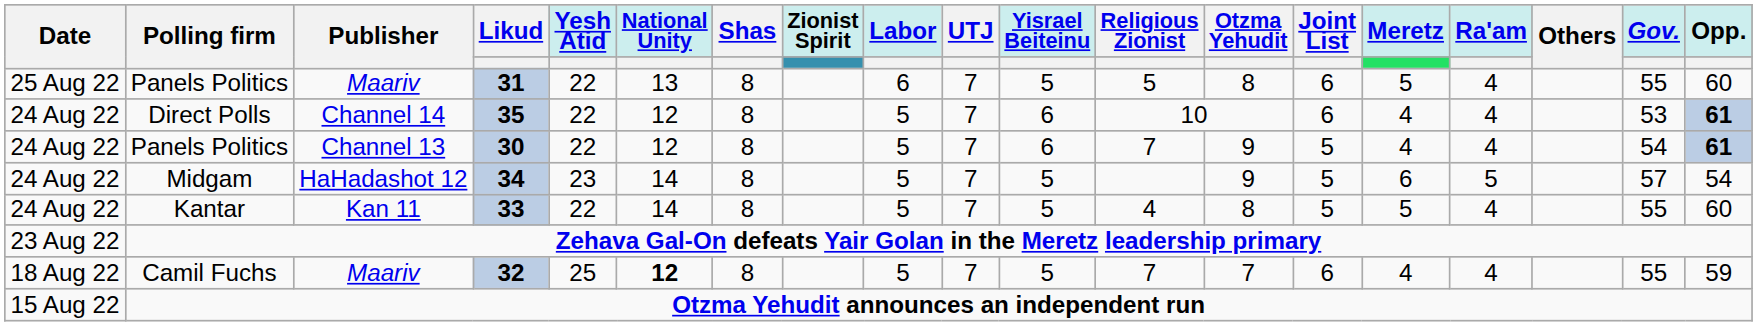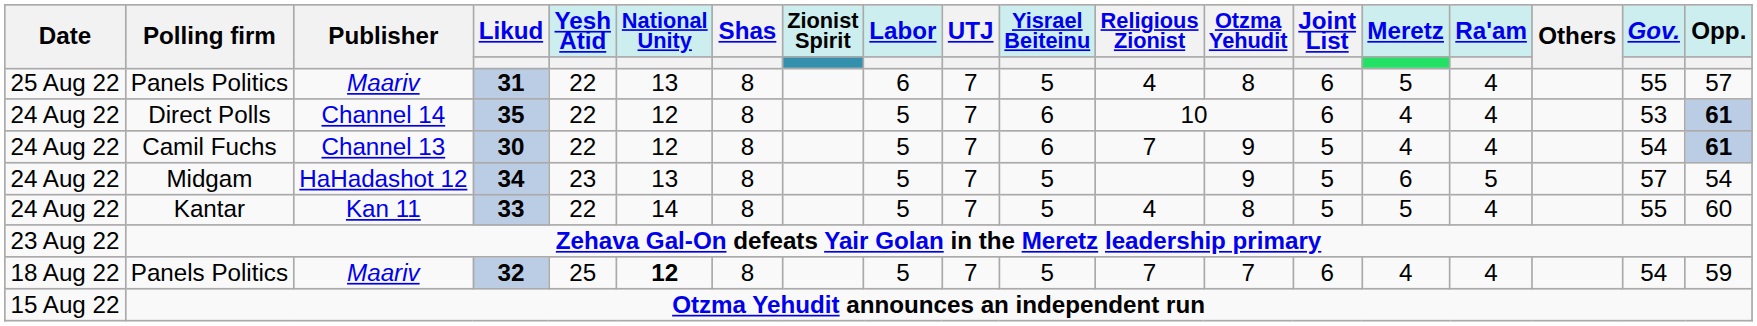 <table class="wikitable sortable" style="text-align:center;font-size:90%;line-height:12px">
 <tr>
 <th rowspan="2">Date</th>
 <th rowspan="2">Polling firm</th>
 <th rowspan="2">Publisher</th>
 <th><a href='#'>Likud</a></th>
 <th style="background:#cee"><a href='#'>Yesh<br>Atid</a></th>
 <th style="background:#cee;font-size:90% "><a href='#'>National<br>Unity</a></th>
 <th><a href='#'>Shas</a></th>
 <th style="background:#cee;font-size:90% ">Zionist<br>Spirit</th>
 <th style="background:#cee"><a href='#'>Labor</a></th>
 <th><a href='#'>UTJ</a></th>
 <th style="background:#cee; font-size:90%"><a href='#'>Yisrael<br>Beiteinu</a></th>
 <th style="font-size:90%"><a href='#'>Religious<br>Zionist</a></th>
 <th style="font-size:90%"><a href='#'>Otzma<br>Yehudit</a></th>
 <th><a href='#'>Joint<br>List</a></th>
 <th style="background:#cee"><a href='#'>Meretz</a></th>
 <th style="background:#cee"><a href='#'>Ra'am</a></th>
 <th rowspan="2">Others</th>
 <th style="background:#cee"><a href='#'><em>Gov.</em></a></th>
 <th style=background:#cee>Opp.</th>
 </tr>
 <tr>
 <th style="background:"></th>
 <th style="background:"></th>
 <th style="background:"></th>
 <th style="background:"></th>
 <th style="background:#3590AE"></th>
 <th style="background:"></th>
 <th style="background:"></th>
 <th style="background:"></th>
 <th style="background:"></th>
 <th style="background:"></th>
 <th style="background:"></th>
 <th style="background:#23e164"></th>
 <th style="background:"></th>
 <th style="background:"></th>
 <th style=background:></th>
 </tr>
 <tr>
 <td>25 Aug 22</td>
 <td>Panels Politics</td>
 <td><em><a href='#'>Maariv</a></em></td>
 <td style="background:#BBCDE4"><strong>31</strong></td>
 <td>22</td>
 <td>13</td>
 <td>8</td>
 <td></td>
 <td>6</td>
 <td>7</td>
 <td>5</td>
-<td>5</td>
+<td>4</td>
 <td>8</td>
 <td>6</td>
 <td>5</td>
 <td>4</td>
 <td></td>
 <td>55</td>
-<td>60</td>
+<td>57</td>
 </tr>
 <tr>
 <td>24 Aug 22</td>
 <td>Direct Polls</td>
 <td><a href='#'>Channel 14</a></td>
 <td style="background:#BBCDE4"><strong>35</strong></td>
 <td>22</td>
 <td>12</td>
 <td>8</td>
 <td></td>
 <td>5</td>
 <td>7</td>
 <td>6</td>
 <td colspan="2">10</td>
 <td>6</td>
 <td>4</td>
 <td>4</td>
 <td></td>
 <td>53</td>
 <td style=background:#BBCDE4><strong>61</strong></td>
 </tr>
 <tr>
 <td>24 Aug 22</td>
-<td>Panels Politics</td>
+<td>Camil Fuchs</td>
 <td><a href='#'>Channel 13</a></td>
 <td style="background:#BBCDE4"><strong>30</strong></td>
 <td>22</td>
 <td>12</td>
 <td>8</td>
 <td></td>
 <td>5</td>
 <td>7</td>
 <td>6</td>
 <td>7</td>
 <td>9</td>
 <td>5</td>
 <td>4</td>
 <td>4</td>
 <td></td>
 <td>54</td>
 <td style=background:#BBCDE4><strong>61</strong></td>
 </tr>
 <tr>
 <td>24 Aug 22</td>
 <td>Midgam</td>
 <td><a href='#'>HaHadashot 12</a></td>
 <td style="background:#BBCDE4"><strong>34</strong></td>
 <td>23</td>
-<td>14</td>
+<td>13</td>
 <td>8</td>
 <td></td>
 <td>5</td>
 <td>7</td>
 <td>5</td>
 <td></td>
 <td>9</td>
 <td>5</td>
 <td>6</td>
 <td>5</td>
 <td></td>
 <td>57</td>
 <td>54</td>
 </tr>
 <tr>
 <td>24 Aug 22</td>
 <td>Kantar</td>
 <td><a href='#'>Kan 11</a></td>
 <td style="background:#BBCDE4"><strong>33</strong></td>
 <td>22</td>
 <td>14</td>
 <td>8</td>
 <td></td>
 <td>5</td>
 <td>7</td>
 <td>5</td>
 <td>4</td>
 <td>8</td>
 <td>5</td>
 <td>5</td>
 <td>4</td>
 <td></td>
 <td>55</td>
 <td>60</td>
 </tr>
 <tr>
 <td data-sort-value="2022-08-23">23 Aug 22</td>
 <td colspan="18"><strong><a href='#'>Zehava Gal-On</a> defeats <a href='#'>Yair Golan</a> in the <a href='#'>Meretz</a> <a href='#'>leadership primary</a></strong></td>
 </tr>
 <tr>
 <td>18 Aug 22</td>
-<td>Camil Fuchs</td>
+<td>Panels Politics</td>
 <td><em><a href='#'>Maariv</a></em></td>
 <td style="background:#BBCDE4"><strong>32</strong></td>
 <td>25</td>
 <td><strong>12</strong></td>
 <td>8</td>
 <td></td>
 <td>5</td>
 <td>7</td>
 <td>5</td>
 <td>7</td>
 <td>7</td>
 <td>6</td>
 <td>4</td>
 <td>4</td>
 <td></td>
-<td>55</td>
+<td>54</td>
 <td>59</td>
 </tr>
 <tr>
 <td>15 Aug 22</td>
 <td colspan="18"><strong><a href='#'>Otzma Yehudit</a> announces an independent run</strong></td>
 </tr>
 </table>
